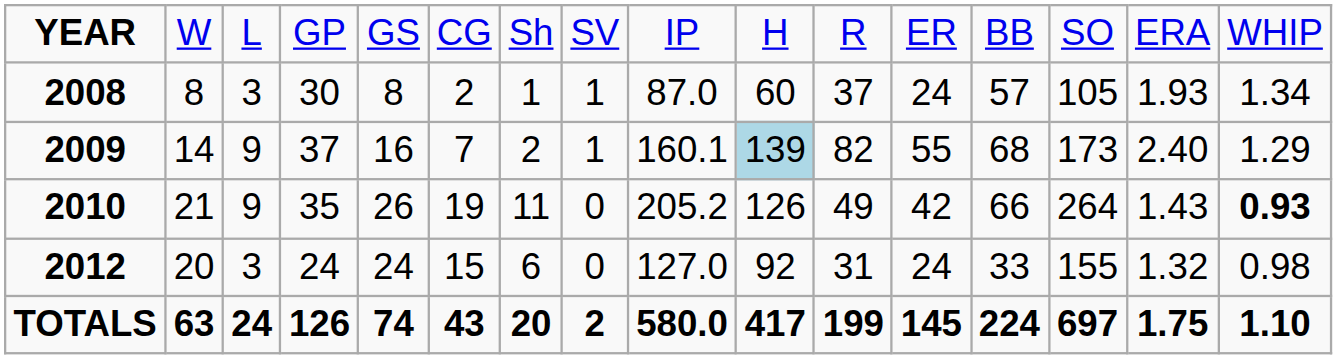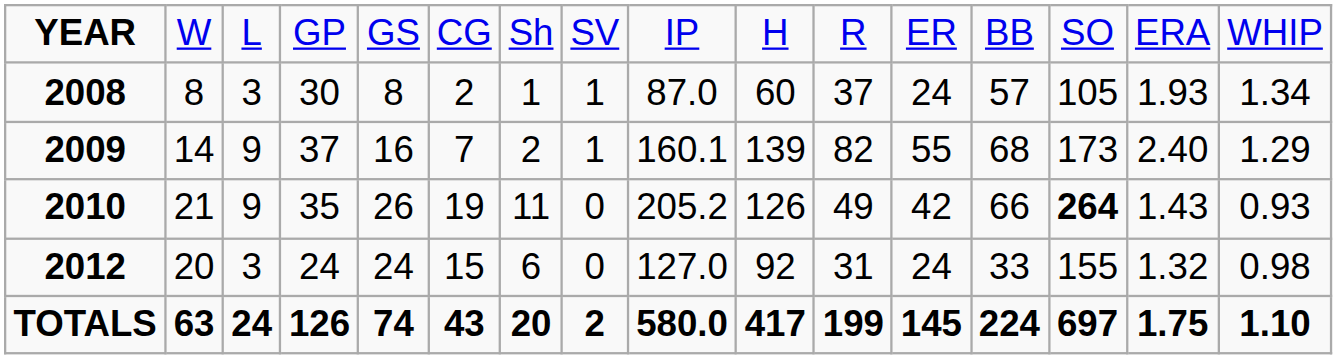 <table class="wikitable">
 <tr align=center>
 <td><strong>YEAR</strong></td>
 <td><a href='#'>W</a></td>
 <td><a href='#'>L</a></td>
 <td><a href='#'>GP</a></td>
 <td><a href='#'>GS</a></td>
 <td><a href='#'>CG</a></td>
 <td><a href='#'>Sh</a></td>
 <td><a href='#'>SV</a></td>
 <td><a href='#'>IP</a></td>
 <td><a href='#'>H</a></td>
 <td><a href='#'>R</a></td>
 <td><a href='#'>ER</a></td>
 <td><a href='#'>BB</a></td>
 <td><a href='#'>SO</a></td>
 <td><a href='#'>ERA</a></td>
 <td><a href='#'>WHIP</a></td>
 </tr>
 <tr align=center>
 <td><strong>2008</strong></td>
 <td>8</td>
 <td>3</td>
 <td>30</td>
 <td>8</td>
 <td>2</td>
 <td>1</td>
 <td>1</td>
 <td>87.0</td>
 <td>60</td>
 <td>37</td>
 <td>24</td>
 <td>57</td>
 <td>105</td>
 <td>1.93</td>
 <td>1.34</td>
 </tr>
 <tr align=center>
 <td><strong>2009</strong></td>
 <td>14</td>
 <td>9</td>
 <td>37</td>
 <td>16</td>
 <td>7</td>
 <td>2</td>
 <td>1</td>
 <td>160.1</td>
-<td style="background: lightblue;">139</td>
+<td>139</td>
 <td>82</td>
 <td>55</td>
 <td>68</td>
 <td>173</td>
 <td>2.40</td>
 <td>1.29</td>
 </tr>
 <tr align=center>
 <td><strong>2010</strong></td>
 <td>21</td>
 <td>9</td>
 <td>35</td>
 <td>26</td>
 <td>19</td>
 <td>11</td>
 <td>0</td>
 <td>205.2</td>
 <td>126</td>
 <td>49</td>
 <td>42</td>
 <td>66</td>
-<td>264</td>
+<td><strong>264</strong></td>
 <td>1.43</td>
-<td><strong>0.93</strong></td>
+<td>0.93</td>
 </tr>
 <tr align=center>
 <td><strong>2012</strong></td>
 <td>20</td>
 <td>3</td>
 <td>24</td>
 <td>24</td>
 <td>15</td>
 <td>6</td>
 <td>0</td>
 <td>127.0</td>
 <td>92</td>
 <td>31</td>
 <td>24</td>
 <td>33</td>
 <td>155</td>
 <td>1.32</td>
 <td>0.98</td>
 </tr>
 <tr align=center>
 <td><strong>TOTALS</strong></td>
 <td><strong>63</strong></td>
 <td><strong>24</strong></td>
 <td><strong>126</strong></td>
 <td><strong>74</strong></td>
 <td><strong>43</strong></td>
 <td><strong>20</strong></td>
 <td><strong>2</strong></td>
 <td><strong>580.0</strong></td>
 <td><strong>417</strong></td>
 <td><strong>199</strong></td>
 <td><strong>145</strong></td>
 <td><strong>224</strong></td>
 <td><strong>697</strong></td>
 <td><strong>1.75</strong></td>
 <td><strong>1.10</strong></td>
 </tr>
 </table>
